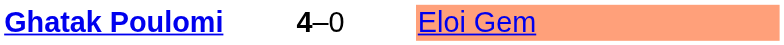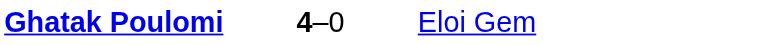 <table>
 <tr>
 <th width=200></th>
 <th width=100></th>
 <th width=200></th>
 </tr>
 <tr>
 <td align=right><strong><a href='#'>Ghatak Poulomi</a> </strong></td>
 <td align=center><strong>4</strong>–0</td>
-<td style="background: lightsalmon;"> <a href='#'>Eloi Gem</a></td>
+<td> <a href='#'>Eloi Gem</a></td>
 </tr>
 </table>
